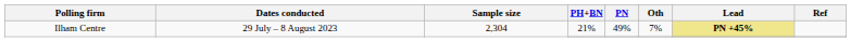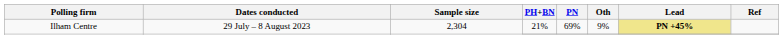 <table class="wikitable unsortable" style="text-align:center;font-size:90%;line-height:1.2">
 <tr>
 <th>Polling firm</th>
 <th>Dates conducted</th>
 <th>Sample size</th>
 <th style="width:4%; "><a href='#'>PH</a>+<a href='#'>BN</a></th>
 <th style="width:4%; "><a href='#'>PN</a></th>
 <th style="width:4%; ">Oth</th>
 <th>Lead</th>
 <th>Ref</th>
 </tr>
 <tr>
 <td rowspan="6">Ilham Centre</td>
 <td rowspan="6">29 July – 8 August 2023</td>
 <td rowspan="6">2,304</td>
 <td>21%</td>
-<td>49%</td>
-<td>7%</td>
+<td>69%</td>
+<td>9%</td>
 <td style="background: khaki;"><strong>PN +45%</strong></td>
 <td></td>
 </tr>
 <tr>
 </tr>
 </table>
